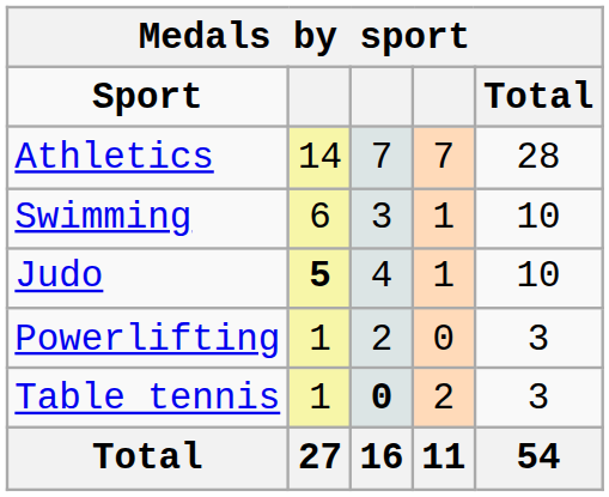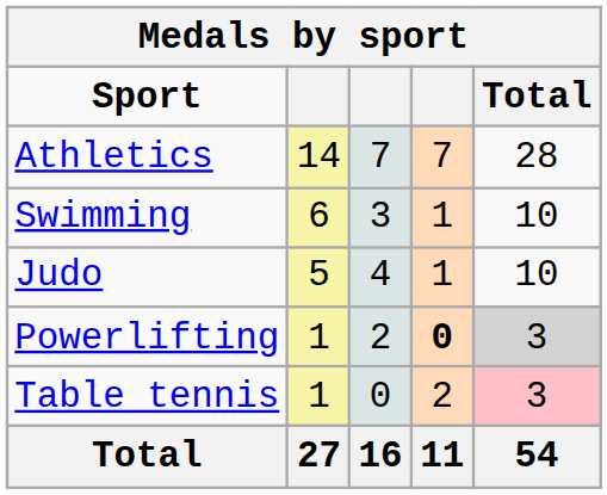 <table class="wikitable" border="1"  style="float:right">
 <tr>
 <th colspan=5><strong>Medals by sport</strong></th>
 </tr>
 <tr align=center>
 <td><strong>Sport</strong></td>
 <th bgcolor=#f7f6a8></th>
 <th bgcolor=#dce5e5></th>
 <th bgcolor=#ffdab9></th>
 <th><strong>Total</strong></th>
 </tr>
 <tr align=center>
 <td align=left><a href='#'>Athletics</a></td>
 <td bgcolor=#f7f6a8>14</td>
 <td bgcolor=#dce5e5>7</td>
 <td bgcolor=#ffdab9>7</td>
 <td>28</td>
 </tr>
 <tr align=center>
 <td align=left><a href='#'>Swimming</a></td>
 <td bgcolor=#f7f6a8>6</td>
 <td bgcolor=#dce5e5>3</td>
 <td bgcolor=#ffdab9>1</td>
 <td>10</td>
 </tr>
 <tr align=center>
 <td align=left><a href='#'>Judo</a></td>
-<td bgcolor=#f7f6a8><strong>5</strong></td>
+<td bgcolor=#f7f6a8>5</td>
 <td bgcolor=#dce5e5>4</td>
 <td bgcolor=#ffdab9>1</td>
 <td>10</td>
 </tr>
 <tr align=center>
 <td align=left><a href='#'>Powerlifting</a></td>
 <td bgcolor=#f7f6a8>1</td>
 <td bgcolor=#dce5e5>2</td>
-<td bgcolor=#ffdab9>0</td>
-<td>3</td>
+<td bgcolor=#ffdab9><strong>0</strong></td>
+<td style="background: lightgrey;">3</td>
 </tr>
 <tr align=center>
 <td align=left><a href='#'>Table tennis</a></td>
 <td bgcolor=#f7f6a8>1</td>
-<td bgcolor=#dce5e5><strong>0</strong></td>
+<td bgcolor=#dce5e5>0</td>
 <td bgcolor=#ffdab9>2</td>
-<td>3</td>
+<td style="background: pink;">3</td>
 </tr>
 <tr align=center>
 <th bgcolor=#efefef><strong>Total</strong></th>
 <th bgcolor=#f7f6a8>27</th>
 <th bgcolor=#dce5e5>16</th>
 <th bgcolor=#ffdab9>11</th>
 <th>54</th>
 </tr>
 </table>
